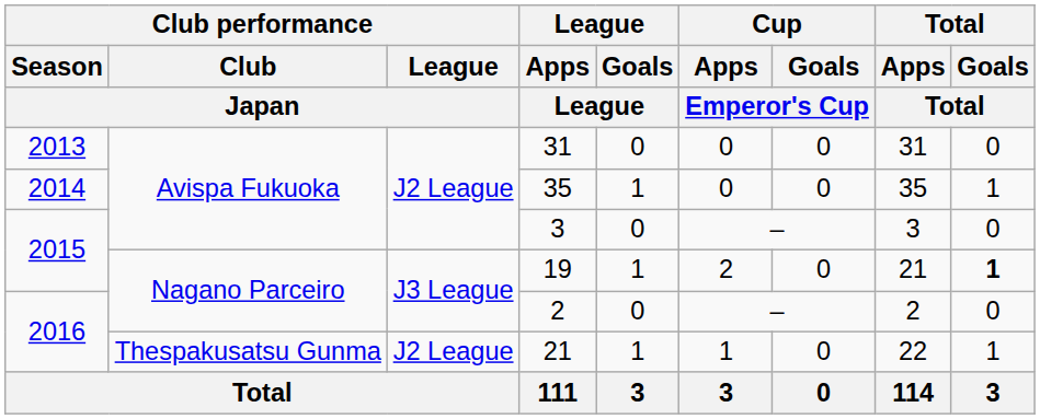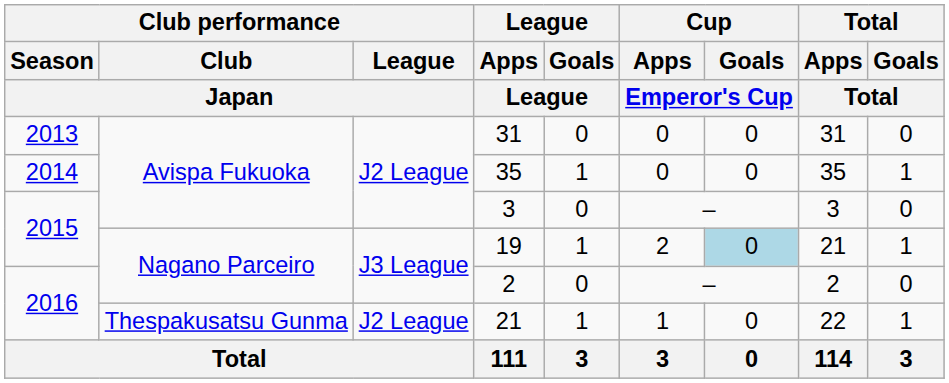 <table class="wikitable" style="text-align:center;">
 <tr>
 <th colspan=3>Club performance</th>
 <th colspan=2>League</th>
 <th colspan=2>Cup</th>
 <th colspan=2>Total</th>
 </tr>
 <tr>
 <th>Season</th>
 <th>Club</th>
 <th>League</th>
 <th>Apps</th>
 <th>Goals</th>
 <th>Apps</th>
 <th>Goals</th>
 <th>Apps</th>
 <th>Goals</th>
 </tr>
 <tr>
 <th colspan=3>Japan</th>
 <th colspan=2>League</th>
 <th colspan=2><a href='#'>Emperor's Cup</a></th>
 <th colspan=2>Total</th>
 </tr>
 <tr>
 <td><a href='#'>2013</a></td>
 <td rowspan="3"><a href='#'>Avispa Fukuoka</a></td>
 <td rowspan="3"><a href='#'>J2 League</a></td>
 <td>31</td>
 <td>0</td>
 <td>0</td>
 <td>0</td>
 <td>31</td>
 <td>0</td>
 </tr>
 <tr>
 <td><a href='#'>2014</a></td>
 <td>35</td>
 <td>1</td>
 <td>0</td>
 <td>0</td>
 <td>35</td>
 <td>1</td>
 </tr>
 <tr>
 <td rowspan="2"><a href='#'>2015</a></td>
 <td>3</td>
 <td>0</td>
 <td colspan="2">–</td>
 <td>3</td>
 <td>0</td>
 </tr>
 <tr>
 <td rowspan="2"><a href='#'>Nagano Parceiro</a></td>
 <td rowspan="2"><a href='#'>J3 League</a></td>
 <td>19</td>
 <td>1</td>
 <td>2</td>
-<td>0</td>
+<td style="background: lightblue;">0</td>
 <td>21</td>
-<td><strong>1</strong></td>
+<td>1</td>
 </tr>
 <tr>
 <td rowspan="2"><a href='#'>2016</a></td>
 <td>2</td>
 <td>0</td>
 <td colspan="2">–</td>
 <td>2</td>
 <td>0</td>
 </tr>
 <tr>
 <td rowspan="1"><a href='#'>Thespakusatsu Gunma</a></td>
 <td rowspan="1"><a href='#'>J2 League</a></td>
 <td>21</td>
 <td>1</td>
 <td>1</td>
 <td>0</td>
 <td>22</td>
 <td>1</td>
 </tr>
 <tr>
 <th colspan=3>Total</th>
 <th>111</th>
 <th>3</th>
 <th>3</th>
 <th>0</th>
 <th>114</th>
 <th>3</th>
 </tr>
 </table>
